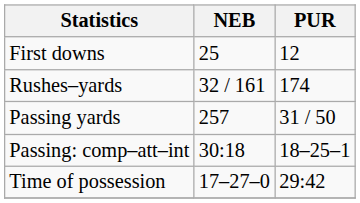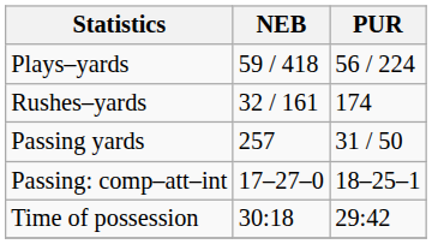 <table class="wikitable" style="float: left;">
 <tr>
 <th>Statistics</th>
 <th>NEB</th>
 <th>PUR</th>
 </tr>
 <tr>
-<td>First downs</td>
-<td>25</td>
-<td>12</td>
+<td>Plays–yards</td>
+<td>59 / 418</td>
+<td>56 / 224</td>
 </tr>
 <tr>
 <td>Rushes–yards</td>
 <td>32 / 161</td>
 <td>174</td>
 </tr>
 <tr>
 <td>Passing yards</td>
 <td>257</td>
 <td>31 / 50</td>
 </tr>
 <tr>
 <td>Passing: comp–att–int</td>
-<td>30:18</td>
+<td>17–27–0</td>
 <td>18–25–1</td>
 </tr>
 <tr>
 <td>Time of possession</td>
-<td>17–27–0</td>
+<td>30:18</td>
 <td>29:42</td>
 </tr>
 <tr>
 </tr>
 </table>
